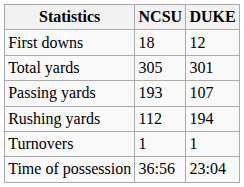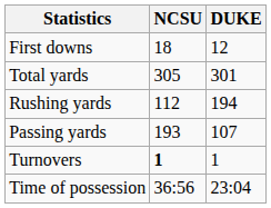 <table class="wikitable">
 <tr>
 <th>Statistics</th>
 <th>NCSU</th>
 <th>DUKE</th>
 </tr>
 <tr>
 <td>First downs</td>
 <td>18</td>
 <td>12</td>
 </tr>
 <tr>
 <td>Total yards</td>
 <td>305</td>
 <td>301</td>
 </tr>
 <tr>
+<td>Rushing yards</td>
+<td>112</td>
+<td>194</td>
+</tr>
+<tr>
 <td>Passing yards</td>
 <td>193</td>
 <td>107</td>
 </tr>
 <tr>
-<td>Rushing yards</td>
-<td>112</td>
-<td>194</td>
-</tr>
-<tr>
 <td>Turnovers</td>
-<td>1</td>
+<td><strong>1</strong></td>
 <td>1</td>
 </tr>
 <tr>
 <td>Time of possession</td>
 <td>36:56</td>
 <td>23:04</td>
 </tr>
 <tr>
 </tr>
 </table>
